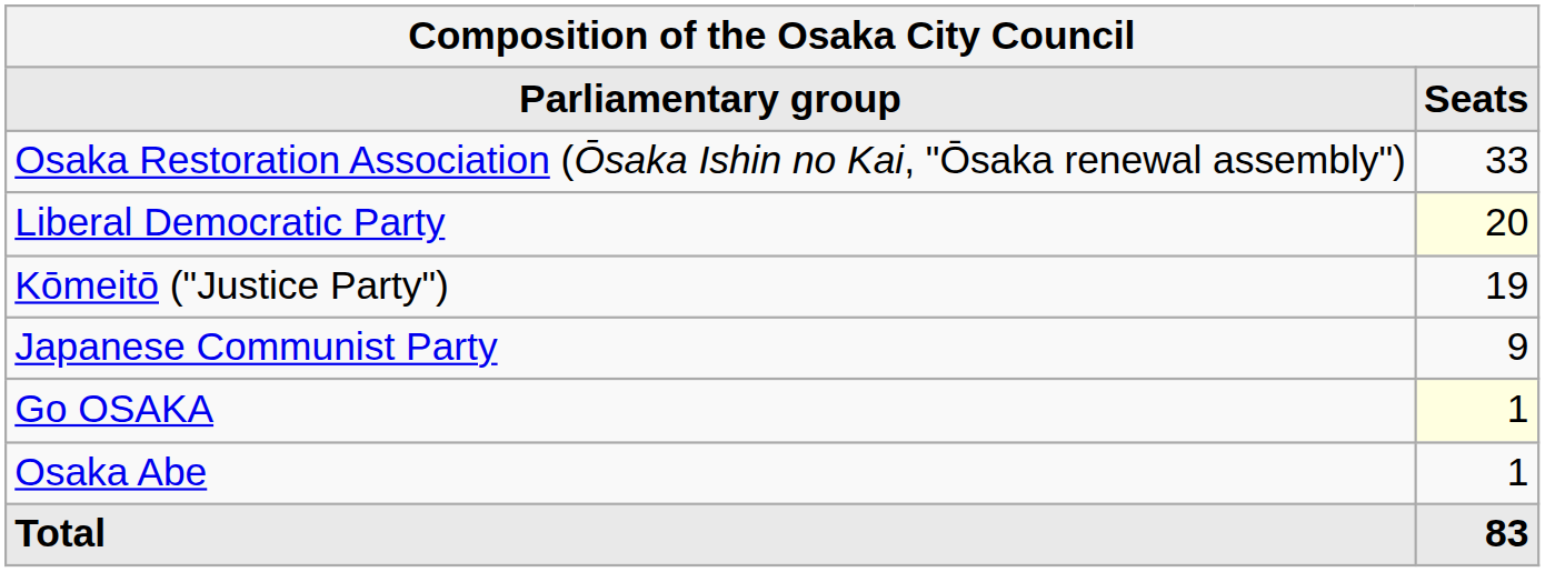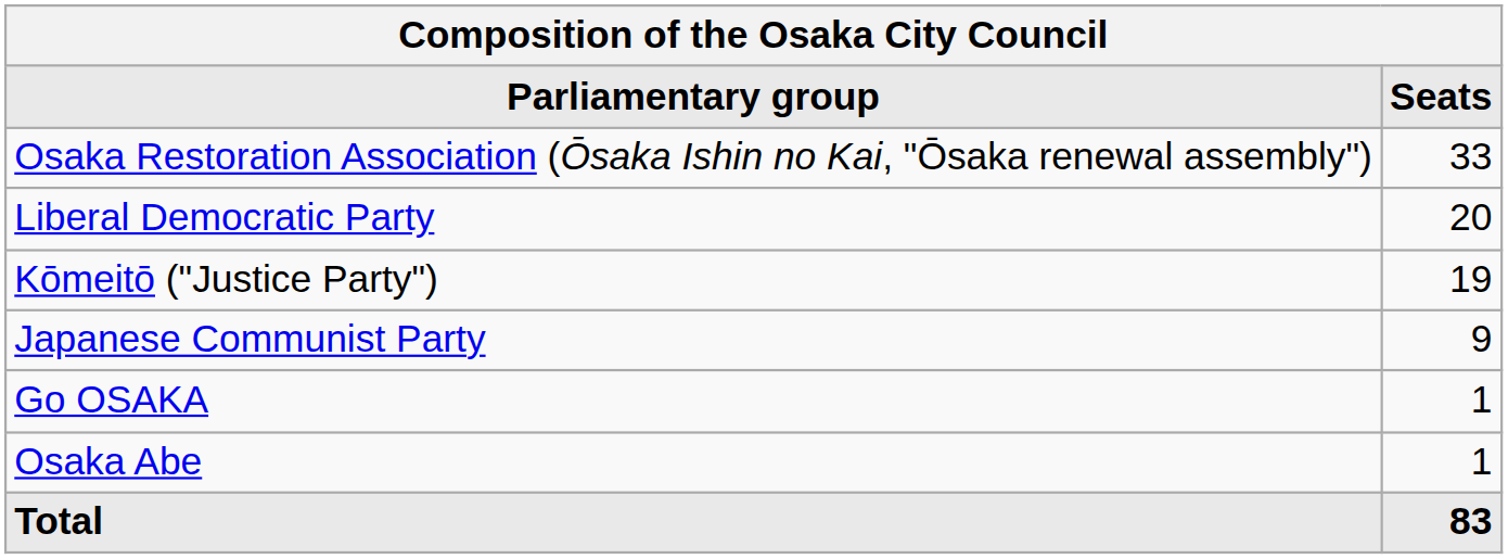 <table class="wikitable">
 <tr>
 <th colspan="2">Composition of the Osaka City Council</th>
 </tr>
 <tr>
 <th style="background-color:#E9E9E9" align=left>Parliamentary group</th>
 <th style="background-color:#E9E9E9" align=right>Seats</th>
 </tr>
 <tr>
 <td align=left><a href='#'>Osaka Restoration Association</a> (<em>Ōsaka Ishin no Kai</em>, "Ōsaka renewal assembly")</td>
 <td align="right">33</td>
 </tr>
 <tr>
 <td align=left><a href='#'>Liberal Democratic Party</a></td>
-<td align="right" style="background: lightyellow;">20</td>
+<td align="right">20</td>
 </tr>
 <tr>
 <td align=left><a href='#'>Kōmeitō</a> ("Justice Party")</td>
 <td align="right">19</td>
 </tr>
 <tr>
 <td align=left><a href='#'>Japanese Communist Party</a></td>
 <td align="right">9</td>
 </tr>
 <tr>
 <td align=left><a href='#'>Go OSAKA</a></td>
-<td align="right" style="background: lightyellow;">1</td>
+<td align="right">1</td>
 </tr>
 <tr>
 <td align=left><a href='#'>Osaka Abe</a></td>
 <td align="right">1</td>
 </tr>
 <tr>
 <td align=left style="background-color:#E9E9E9" align=left><strong>Total</strong></td>
 <td style="background-color:#E9E9E9" align=right><strong>83</strong></td>
 </tr>
 </table>
